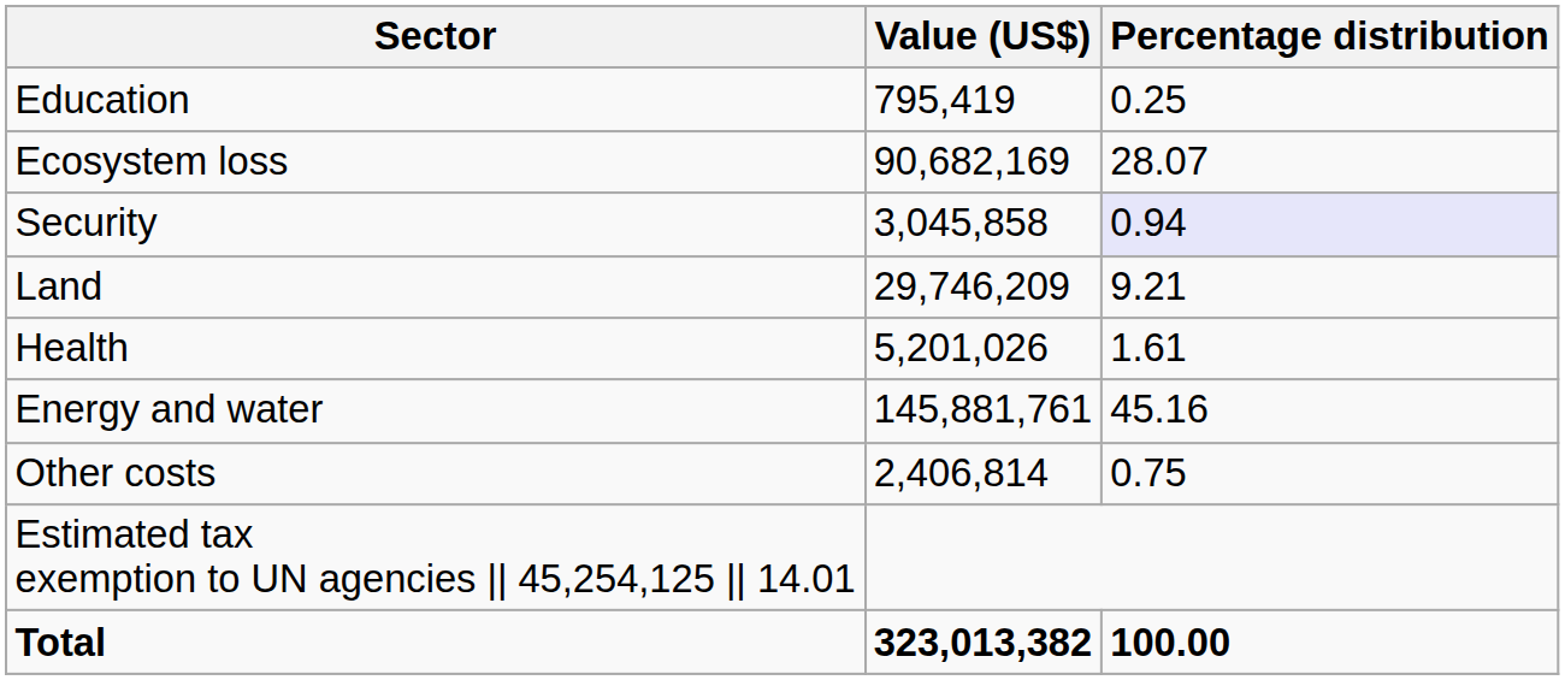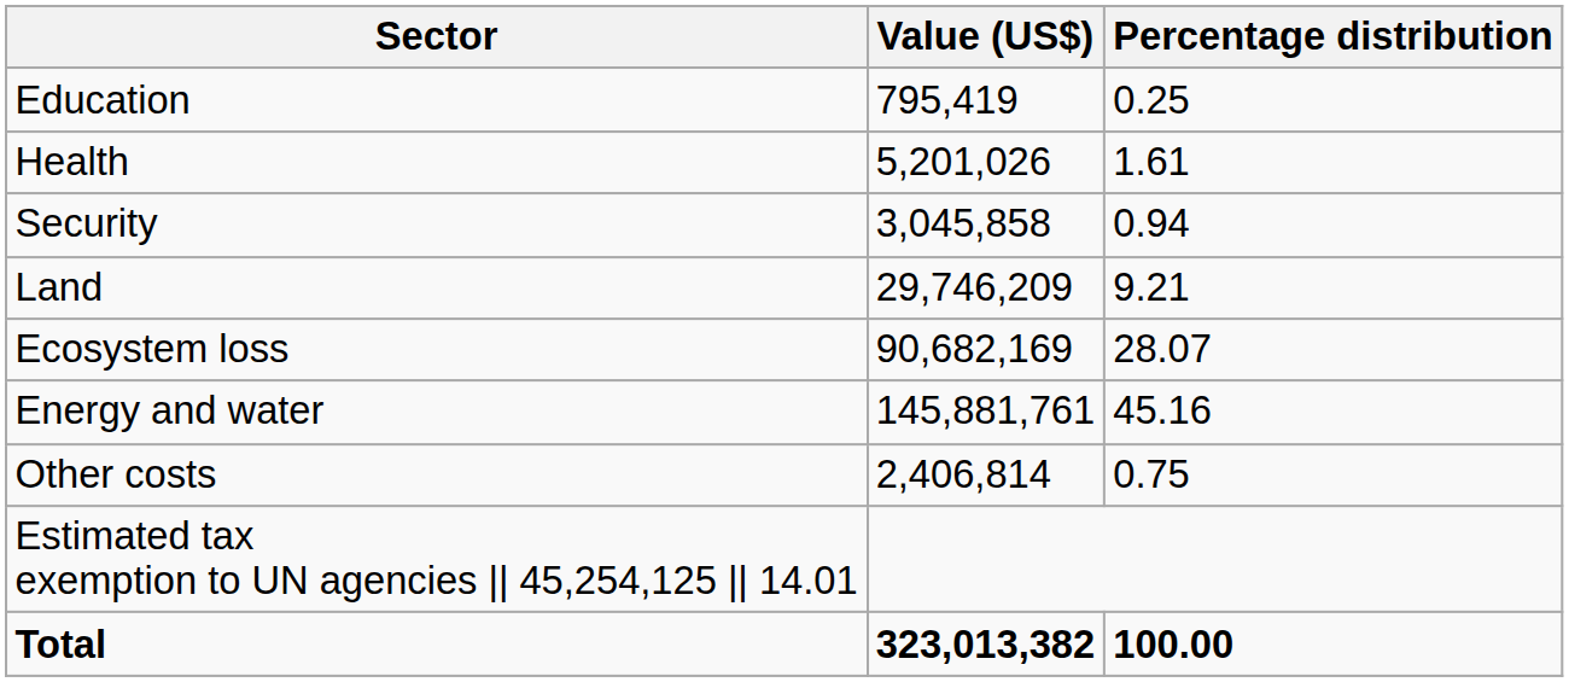 <table class="wikitable">
 <tr>
 <th><strong>Sector</strong></th>
 <th><strong>Value (US$)</strong></th>
 <th><strong>Percentage distribution</strong></th>
 </tr>
 <tr>
 <td>Education</td>
 <td>795,419</td>
 <td>0.25</td>
 </tr>
 <tr>
-<td>Ecosystem loss</td>
-<td>90,682,169</td>
-<td>28.07</td>
+<td>Health</td>
+<td>5,201,026</td>
+<td>1.61</td>
 </tr>
 <tr>
 <td>Security</td>
 <td>3,045,858</td>
-<td style="background: lavender;">0.94</td>
+<td>0.94</td>
 </tr>
 <tr>
 <td>Land</td>
 <td>29,746,209</td>
 <td>9.21</td>
 </tr>
 <tr>
-<td>Health</td>
-<td>5,201,026</td>
-<td>1.61</td>
+<td>Ecosystem loss</td>
+<td>90,682,169</td>
+<td>28.07</td>
 </tr>
 <tr>
 <td>Energy and water</td>
 <td>145,881,761</td>
 <td>45.16</td>
 </tr>
 <tr>
 <td>Other costs</td>
 <td>2,406,814</td>
 <td>0.75</td>
 </tr>
 <tr>
 <td>Estimated tax<br>exemption to UN agencies || 45,254,125 || 14.01</td>
 </tr>
 <tr>
 <td><strong>Total</strong></td>
 <td><strong>323,013,382</strong></td>
 <td><strong>100.00</strong></td>
 </tr>
 </table>
